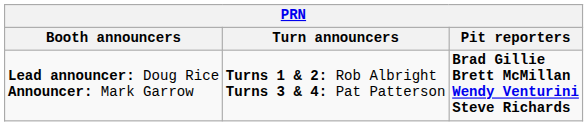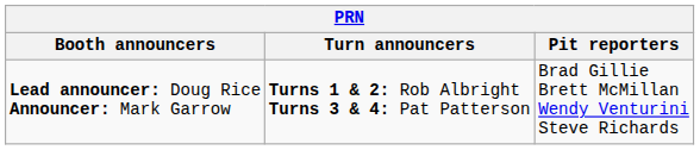 <table class="wikitable" style="font-size: 95%">
 <tr>
 <th colspan="3"><a href='#'>PRN</a></th>
 </tr>
 <tr>
 <th>Booth announcers</th>
 <th>Turn announcers</th>
 <th>Pit reporters</th>
 </tr>
 <tr>
 <td><strong>Lead announcer:</strong> Doug Rice<br><strong>Announcer:</strong> Mark Garrow</td>
 <td><strong>Turns 1 & 2:</strong> Rob Albright<br><strong>Turns 3 & 4:</strong> Pat Patterson</td>
-<td><strong>Brad Gillie<br>Brett McMillan<br><a href='#'>Wendy Venturini</a><br>Steve Richards</strong></td>
+<td>Brad Gillie<br>Brett McMillan<br><a href='#'>Wendy Venturini</a><br>Steve Richards</td>
 </tr>
 </table>
